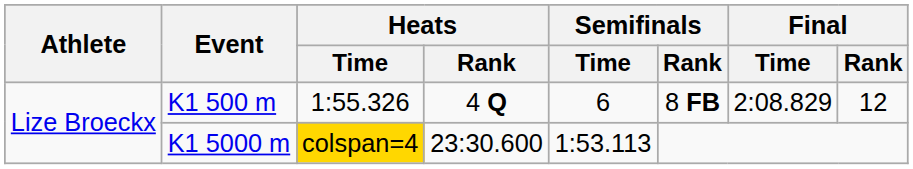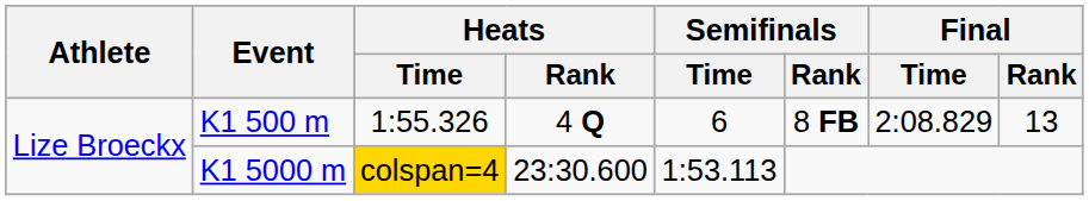 <table class="wikitable" style="font-size:90%">
 <tr>
 <th rowspan=2>Athlete</th>
 <th rowspan=2>Event</th>
 <th colspan=2>Heats</th>
 <th colspan=2>Semifinals</th>
 <th colspan=2>Final</th>
 </tr>
 <tr style="font-size:95%">
 <th>Time</th>
 <th>Rank</th>
 <th>Time</th>
 <th>Rank</th>
 <th>Time</th>
 <th>Rank</th>
 </tr>
 <tr align=center>
 <td align=left rowspan=2><a href='#'>Lize Broeckx</a></td>
 <td align=left><a href='#'>K1 500 m</a></td>
 <td>1:55.326</td>
 <td>4 <strong>Q</strong></td>
 <td>6</td>
 <td>8 <strong>FB</strong></td>
 <td>2:08.829</td>
-<td>12</td>
+<td>13</td>
 </tr>
 <tr align=center>
 <td align=left><a href='#'>K1 5000 m</a></td>
 <td style="background: gold;">colspan=4 </td>
 <td>23:30.600</td>
 <td>1:53.113</td>
 </tr>
 </table>
